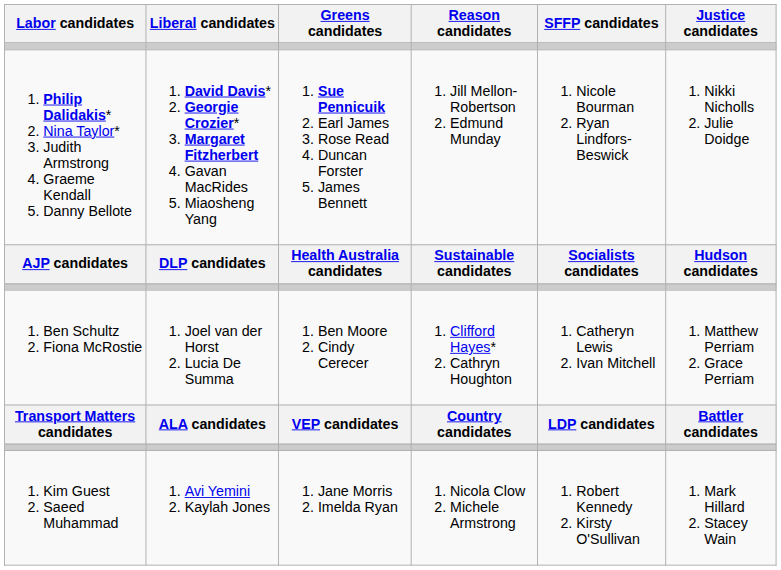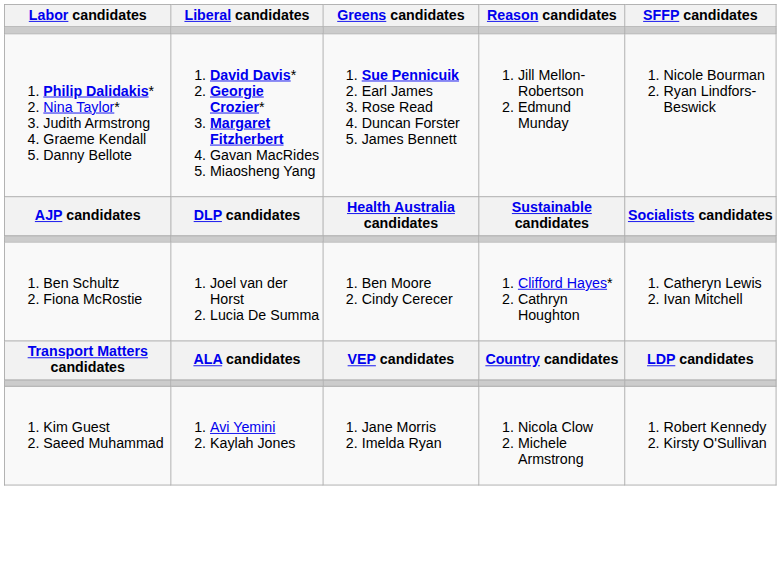 <table class="wikitable">
 <tr>
 <th><a href='#'>Labor</a> candidates</th>
 <th><a href='#'>Liberal</a> candidates</th>
 <th><a href='#'>Greens</a> candidates</th>
 <th><a href='#'>Reason</a> candidates</th>
 <th><a href='#'>SFFP</a> candidates</th>
-<th><a href='#'>Justice</a> candidates</th>
 </tr>
 <tr bgcolor="#cccccc">
-<td></td>
 <td></td>
 <td></td>
 <td></td>
 <td></td>
 <td></td>
 </tr>
 <tr>
 <td><br><ol><li><strong><a href='#'>Philip Dalidakis</a></strong>*</li><li><a href='#'>Nina Taylor</a>*</li><li>Judith Armstrong</li><li>Graeme Kendall</li><li>Danny Bellote</li></ol></td>
 <td><br><ol><li><strong><a href='#'>David Davis</a></strong>*</li><li><strong><a href='#'>Georgie Crozier</a></strong>*</li><li><strong><a href='#'>Margaret Fitzherbert</a></strong></li><li>Gavan MacRides</li><li>Miaosheng Yang</li></ol></td>
 <td valign=top><br><ol><li><strong><a href='#'>Sue Pennicuik</a></strong></li><li>Earl James</li><li>Rose Read</li><li>Duncan Forster</li><li>James Bennett</li></ol></td>
 <td valign=top><br><ol><li>Jill Mellon-Robertson</li><li>Edmund Munday</li></ol></td>
 <td valign=top><br><ol><li>Nicole Bourman</li><li>Ryan Lindfors-Beswick</li></ol></td>
-<td valign=top><br><ol><li>Nikki Nicholls</li><li>Julie Doidge</li></ol></td>
 </tr>
 <tr bgcolor="#cccccc">
 <th><a href='#'>AJP</a> candidates</th>
 <th><a href='#'>DLP</a> candidates</th>
 <th><a href='#'>Health Australia</a> candidates</th>
 <th><a href='#'>Sustainable</a> candidates</th>
 <th><a href='#'>Socialists</a> candidates</th>
-<th><a href='#'>Hudson</a> candidates</th>
 </tr>
 <tr bgcolor="#cccccc">
-<td></td>
 <td></td>
 <td></td>
 <td></td>
 <td></td>
 <td></td>
 </tr>
 <tr>
 <td valign=top><br><ol><li>Ben Schultz</li><li>Fiona McRostie</li></ol></td>
 <td valign=top><br><ol><li>Joel van der Horst</li><li>Lucia De Summa</li></ol></td>
 <td valign=top><br><ol><li>Ben Moore</li><li>Cindy Cerecer</li></ol></td>
 <td><br><ol><li><a href='#'>Clifford Hayes</a>*</li><li>Cathryn Houghton</li></ol></td>
 <td valign=top><br><ol><li>Catheryn Lewis</li><li>Ivan Mitchell</li></ol></td>
-<td valign=top><br><ol><li>Matthew Perriam</li><li>Grace Perriam</li></ol></td>
 </tr>
 <tr bgcolor="#cccccc">
 <th><a href='#'>Transport Matters</a> candidates</th>
 <th><a href='#'>ALA</a> candidates</th>
 <th><a href='#'>VEP</a> candidates</th>
 <th><a href='#'>Country</a> candidates</th>
 <th><a href='#'>LDP</a> candidates</th>
-<th><a href='#'>Battler</a> candidates</th>
 </tr>
 <tr bgcolor="#cccccc">
-<td></td>
 <td></td>
 <td></td>
 <td></td>
 <td></td>
 <td></td>
 </tr>
 <tr>
 <td valign=top><br><ol><li>Kim Guest</li><li>Saeed Muhammad</li></ol></td>
 <td valign=top><br><ol><li><a href='#'>Avi Yemini</a></li><li>Kaylah Jones</li></ol></td>
 <td valign=top><br><ol><li>Jane Morris</li><li>Imelda Ryan</li></ol></td>
 <td valign=top><br><ol><li>Nicola Clow</li><li>Michele Armstrong</li></ol></td>
 <td valign=top><br><ol><li>Robert Kennedy</li><li>Kirsty O'Sullivan</li></ol></td>
-<td valign=top><br><ol><li>Mark Hillard</li><li>Stacey Wain</li></ol></td>
 </tr>
 </table>
